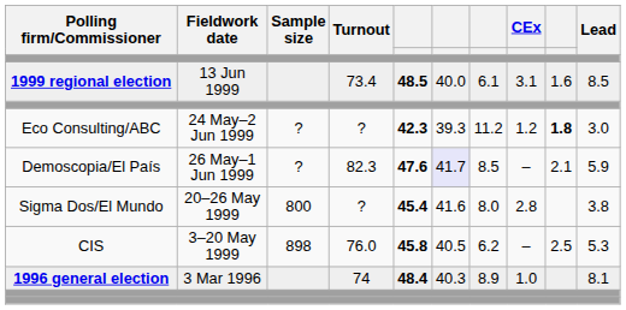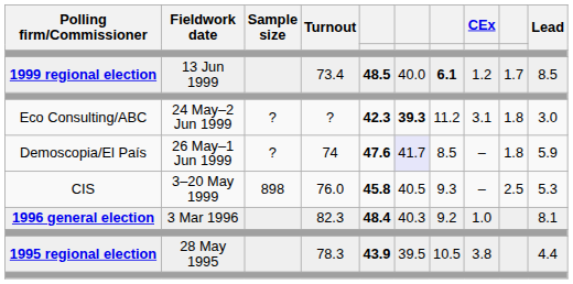 <table class="wikitable collapsible collapsed" style="text-align:center; font-size:95%; line-height:16px;">
 <tr style="height:42px;">
 <th style="width:250px;" rowspan="2">Polling firm/Commissioner</th>
 <th style="width:125px;" rowspan="2">Fieldwork date</th>
 <th style="width:50px;" rowspan="2">Sample size</th>
 <th style="width:45px;" rowspan="2">Turnout</th>
 <th style="width:35px;"></th>
 <th style="width:35px;"></th>
 <th style="width:35px;"></th>
 <th style="width:35px;"><a href='#'>CEx</a></th>
 <th style="width:35px;"></th>
 <th style="width:30px;" rowspan="2">Lead</th>
 </tr>
 <tr>
 <th style="color:inherit;background:"></th>
 <th style="color:inherit;background:"></th>
 <th style="color:inherit;background:"></th>
 <th style="color:inherit;background:"></th>
 <th style="color:inherit;background:"></th>
 </tr>
 <tr>
 <td colspan="10" style="background:#A0A0A0"></td>
 </tr>
 <tr style="background:#EFEFEF;">
 <td><strong><a href='#'>1999 regional election</a></strong></td>
 <td>13 Jun 1999</td>
 <td></td>
 <td>73.4</td>
 <td><strong>48.5</strong><br></td>
 <td>40.0<br></td>
-<td>6.1<br></td>
-<td>3.1<br></td>
-<td>1.6<br></td>
+<td><strong>6.1<br></strong></td>
+<td>1.2<br></td>
+<td>1.7<br></td>
 <td style="background:">8.5</td>
 </tr>
 <tr>
 <td colspan="10" style="background:#A0A0A0"></td>
 </tr>
 <tr>
 <td>Eco Consulting/ABC</td>
 <td>24 May–2 Jun 1999</td>
 <td>?</td>
 <td>?</td>
 <td><strong>42.3</strong><br></td>
-<td>39.3<br></td>
+<td><strong>39.3<br></strong></td>
 <td>11.2<br></td>
-<td>1.2<br></td>
-<td><strong>1.8<br></strong></td>
+<td>3.1<br></td>
+<td>1.8<br></td>
 <td style="background:">3.0</td>
 </tr>
 <tr>
 <td>Demoscopia/El País</td>
 <td>26 May–1 Jun 1999</td>
 <td>?</td>
-<td>82.3</td>
+<td>74</td>
 <td><strong>47.6</strong><br></td>
 <td style="background: lavender;">41.7<br></td>
 <td>8.5<br></td>
 <td>–</td>
-<td>2.1<br></td>
+<td>1.8<br></td>
 <td style="background:">5.9</td>
-</tr>
-<tr>
-<td>Sigma Dos/El Mundo</td>
-<td>20–26 May 1999</td>
-<td>800</td>
-<td>?</td>
-<td><strong>45.4</strong><br></td>
-<td>41.6<br></td>
-<td>8.0<br></td>
-<td>2.8<br></td>
-<td></td>
-<td style="background:">3.8</td>
 </tr>
 <tr>
 <td>CIS</td>
 <td>3–20 May 1999</td>
 <td>898</td>
 <td>76.0</td>
 <td><strong>45.8</strong><br></td>
 <td>40.5<br></td>
-<td>6.2<br></td>
+<td>9.3<br></td>
 <td>–</td>
 <td>2.5<br></td>
 <td style="background:">5.3</td>
 </tr>
 <tr style="background:#EFEFEF;">
 <td><strong><a href='#'>1996 general election</a></strong></td>
 <td>3 Mar 1996</td>
 <td></td>
-<td>74</td>
+<td>82.3</td>
 <td><strong>48.4</strong><br></td>
 <td>40.3<br></td>
-<td>8.9<br></td>
+<td>9.2<br></td>
 <td>1.0<br></td>
 <td></td>
 <td style="background:">8.1</td>
 </tr>
 <tr>
 <td colspan="10" style="background:#A0A0A0"></td>
 </tr>
+<tr style="background:#EFEFEF;">
+<td><strong><a href='#'>1995 regional election</a></strong></td>
+<td>28 May 1995</td>
+<td></td>
+<td>78.3</td>
+<td><strong>43.9</strong><br></td>
+<td>39.5<br></td>
+<td>10.5<br></td>
+<td>3.8<br></td>
+<td></td>
+<td style="background:">4.4</td>
+</tr>
 <tr>
 <td colspan="10" style="background:#A0A0A0"></td>
 </tr>
 </table>
